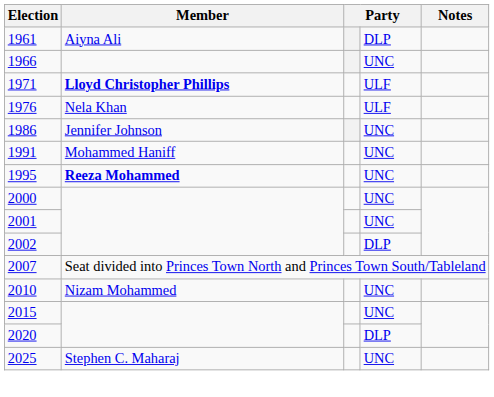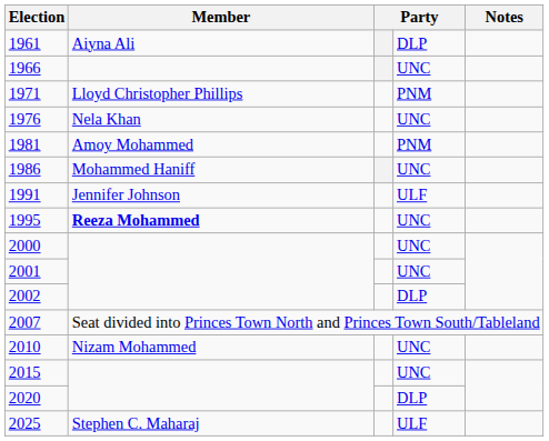 <table class="wikitable sortable">
 <tr>
 <th>Election</th>
 <th>Member</th>
 <th colspan="2">Party</th>
 <th>Notes</th>
 </tr>
 <tr>
 <td><a href='#'>1961</a></td>
 <td><a href='#'>Aiyna Ali</a></td>
 <th style="background-color: "></th>
 <td><a href='#'>DLP</a></td>
 <td></td>
 </tr>
 <tr>
 <td><a href='#'>1966</a></td>
 <td></td>
 <th style="background-color: "></th>
 <td><a href='#'>UNC</a></td>
 <td></td>
 </tr>
 <tr>
 <td><a href='#'>1971</a></td>
-<td><strong><a href='#'>Lloyd Christopher Phillips</a></strong></td>
+<td><a href='#'>Lloyd Christopher Phillips</a></td>
 <td style="background:"> </td>
-<td><a href='#'>ULF</a></td>
+<td><a href='#'>PNM</a></td>
 <td></td>
 </tr>
 <tr>
 <td><a href='#'>1976</a></td>
 <td><a href='#'>Nela Khan</a></td>
 <td style="background:"> </td>
-<td><a href='#'>ULF</a></td>
+<td><a href='#'>UNC</a></td>
+<td></td>
+</tr>
+<tr>
+<td><a href='#'>1981</a></td>
+<td><a href='#'>Amoy Mohammed</a></td>
+<td style="background:"> </td>
+<td><a href='#'>PNM</a></td>
 <td></td>
 </tr>
 <tr>
 <td><a href='#'>1986</a></td>
-<td><a href='#'>Jennifer Johnson</a></td>
+<td><a href='#'>Mohammed Haniff</a></td>
 <th style="background-color: "></th>
 <td><a href='#'>UNC</a></td>
 <td></td>
 </tr>
 <tr>
 <td><a href='#'>1991</a></td>
-<td><a href='#'>Mohammed Haniff</a></td>
+<td><a href='#'>Jennifer Johnson</a></td>
 <td style="background:"> </td>
-<td><a href='#'>UNC</a></td>
+<td><a href='#'>ULF</a></td>
 <td></td>
 </tr>
 <tr>
 <td><a href='#'>1995</a></td>
 <td><strong><a href='#'>Reeza Mohammed</a></strong></td>
 <td style="background:"> </td>
 <td><a href='#'>UNC</a></td>
 <td></td>
 </tr>
 <tr>
 <td><a href='#'>2000</a></td>
 <td rowspan="3"></td>
 <td style="background:"> </td>
 <td><a href='#'>UNC</a></td>
 <td rowspan="3"></td>
 </tr>
 <tr>
 <td><a href='#'>2001</a></td>
 <td style="background:"> </td>
 <td><a href='#'>UNC</a></td>
 </tr>
 <tr>
 <td><a href='#'>2002</a></td>
 <td style="background:"> </td>
 <td><a href='#'>DLP</a></td>
 </tr>
 <tr>
 <td><a href='#'>2007</a></td>
 <td colspan="4">Seat divided into <a href='#'>Princes Town North</a> and <a href='#'>Princes Town South/Tableland</a></td>
 </tr>
 <tr>
 <td><a href='#'>2010</a></td>
 <td><a href='#'>Nizam Mohammed</a></td>
 <td style="background:"> </td>
 <td><a href='#'>UNC</a></td>
 <td></td>
 </tr>
 <tr>
 <td><a href='#'>2015</a></td>
 <td rowspan="2"></td>
 <td style="background:"> </td>
 <td><a href='#'>UNC</a></td>
 <td rowspan="2"></td>
 </tr>
 <tr>
 <td><a href='#'>2020</a></td>
 <td style="background:"> </td>
 <td><a href='#'>DLP</a></td>
 </tr>
 <tr>
 <td><a href='#'>2025</a></td>
 <td><a href='#'>Stephen C. Maharaj</a></td>
 <td style="background:"> </td>
-<td><a href='#'>UNC</a></td>
+<td><a href='#'>ULF</a></td>
 <td></td>
 </tr>
 </table>
